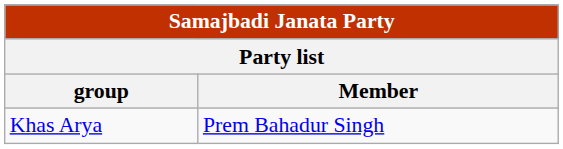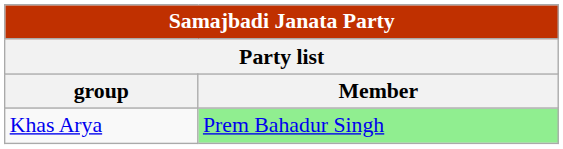 <table role="presentation" class="wikitable mw-collapsible mw-collapsed">
 <tr>
 <th colspan="2" style="width: 300pt; background:#C03000; color: white;">Samajbadi Janata Party</th>
 </tr>
 <tr>
 <th colspan="2">Party list</th>
 </tr>
 <tr>
 <th> group</th>
 <th>Member</th>
 </tr>
 <tr>
 <td><a href='#'>Khas Arya</a></td>
-<td><a href='#'>Prem Bahadur Singh</a></td>
+<td style="background: lightgreen;"><a href='#'>Prem Bahadur Singh</a></td>
 </tr>
 </table>
